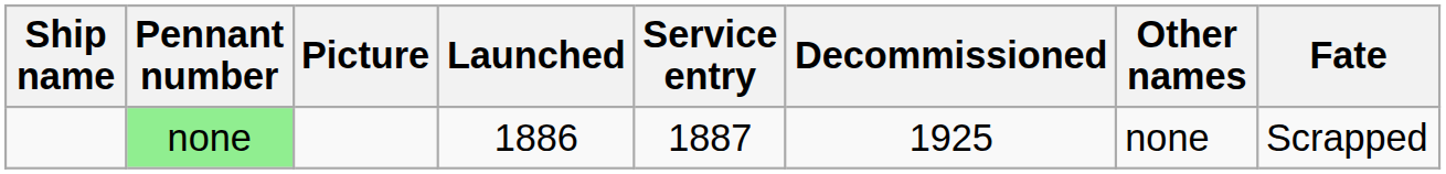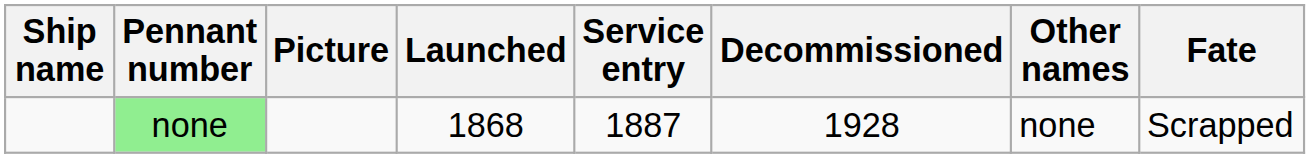 <table class="wikitable">
 <tr>
 <th width="20%">Ship name</th>
 <th width="10%">Pennant number</th>
 <th>Picture</th>
 <th width="10%">Launched</th>
 <th width="10%">Service entry</th>
 <th width="10%">Decommissioned</th>
 <th width="20%">Other names</th>
 <th width="20%">Fate</th>
 </tr>
 <tr>
 <td align="left"></td>
 <td align="center" style="background: lightgreen;">none</td>
 <td></td>
-<td align="center">1886</td>
+<td align="center">1868</td>
 <td align="center">1887</td>
-<td align="center">1925</td>
+<td align="center">1928</td>
 <td align="left">none</td>
 <td align="left">Scrapped</td>
 </tr>
 </table>
